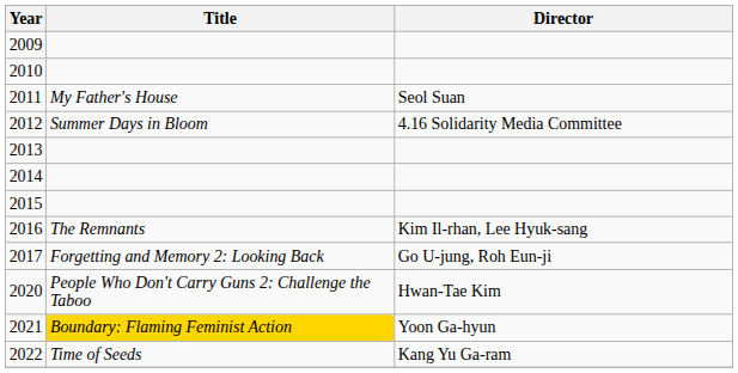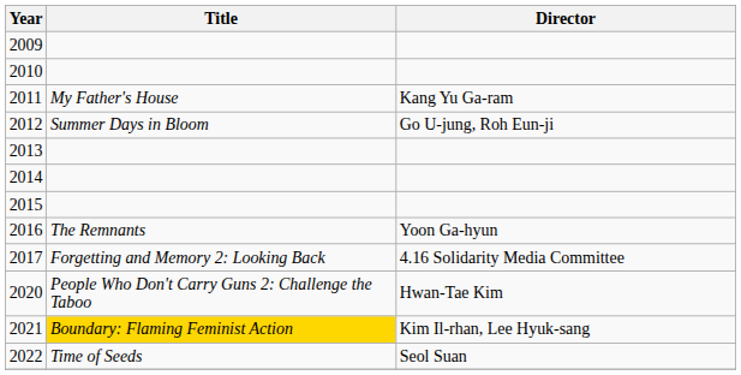 <table class="wikitable" style="width:700px">
 <tr>
 <th width=10>Year</th>
 <th width=350>Title</th>
 <th width=340>Director</th>
 </tr>
 <tr>
 <td>2009</td>
 <td></td>
 <td></td>
 </tr>
 <tr>
 <td>2010</td>
 <td></td>
 <td></td>
 </tr>
 <tr>
 <td>2011</td>
 <td><em>My Father's House</em></td>
-<td>Seol Suan</td>
+<td>Kang Yu Ga-ram</td>
 </tr>
 <tr>
 <td>2012</td>
 <td><em>Summer Days in Bloom</em></td>
-<td>4.16 Solidarity Media Committee</td>
+<td>Go U-jung, Roh Eun-ji</td>
 </tr>
 <tr>
 <td>2013</td>
 <td></td>
 <td></td>
 </tr>
 <tr>
 <td>2014</td>
 <td></td>
 <td></td>
 </tr>
 <tr>
 <td>2015</td>
 <td></td>
 <td></td>
 </tr>
 <tr>
 <td>2016</td>
 <td><em>The Remnants</em></td>
-<td>Kim Il-rhan, Lee Hyuk-sang</td>
+<td>Yoon Ga-hyun</td>
 </tr>
 <tr>
 <td>2017</td>
 <td><em>Forgetting and Memory 2: Looking Back</em></td>
-<td>Go U-jung, Roh Eun-ji</td>
+<td>4.16 Solidarity Media Committee</td>
 </tr>
 <tr>
 <td>2020</td>
 <td><em>People Who Don't Carry Guns 2: Challenge the Taboo</em></td>
 <td>Hwan-Tae Kim</td>
 </tr>
 <tr>
 <td>2021</td>
 <td style="background: gold;"><em>Boundary: Flaming Feminist Action</em></td>
-<td>Yoon Ga-hyun</td>
+<td>Kim Il-rhan, Lee Hyuk-sang</td>
 </tr>
 <tr>
 <td>2022</td>
 <td><em>Time of Seeds</em></td>
-<td>Kang Yu Ga-ram</td>
+<td>Seol Suan</td>
 </tr>
 <tr>
 </tr>
 </table>
